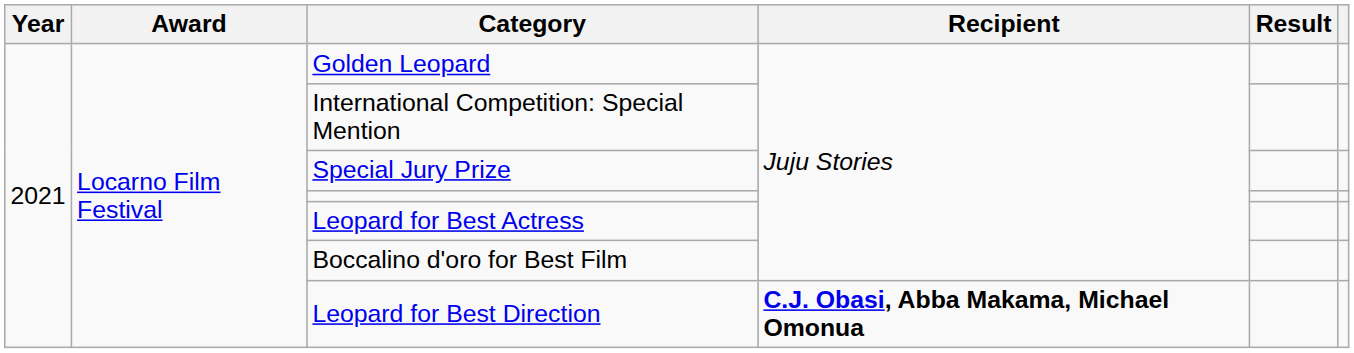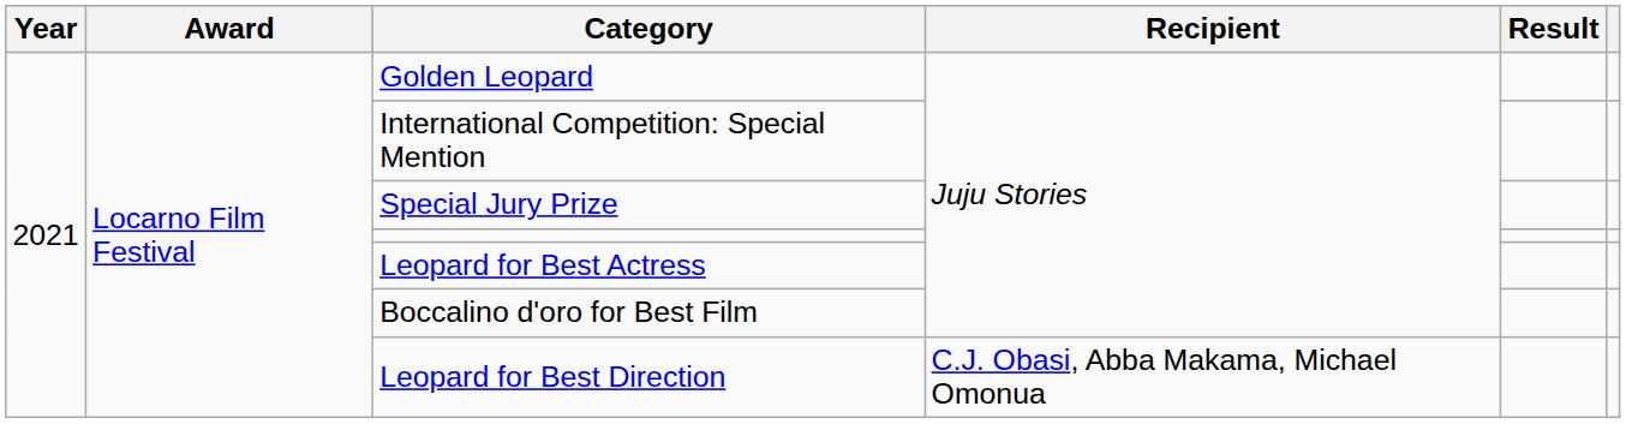 <table class="wikitable">
 <tr>
 <th>Year</th>
 <th>Award</th>
 <th>Category</th>
 <th>Recipient</th>
 <th>Result</th>
 <th></th>
 </tr>
 <tr>
 <td rowspan="7">2021</td>
 <td rowspan="7"><a href='#'>Locarno Film Festival</a></td>
 <td><a href='#'>Golden Leopard</a></td>
 <td rowspan="6" ><em>Juju Stories</em></td>
 <td></td>
 <td></td>
 </tr>
 <tr>
 <td>International Competition: Special Mention</td>
 <td></td>
 <td></td>
 </tr>
 <tr>
 <td><a href='#'>Special Jury Prize</a></td>
 <td></td>
 <td></td>
 </tr>
 <tr>
 <td></td>
 <td></td>
 <td></td>
 </tr>
 <tr>
 <td><a href='#'>Leopard for Best Actress</a></td>
 <td></td>
 <td></td>
 </tr>
 <tr>
 <td>Boccalino d'oro for Best Film</td>
 <td></td>
 <td></td>
 </tr>
 <tr>
 <td><a href='#'>Leopard for Best Direction</a></td>
-<td><strong><a href='#'>C.J. Obasi</a>, Abba Makama, Michael Omonua</strong></td>
+<td><a href='#'>C.J. Obasi</a>, Abba Makama, Michael Omonua</td>
 <td></td>
 <td></td>
 </tr>
 </table>
